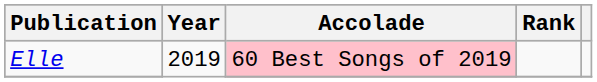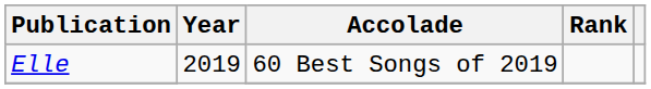 <table class="sortable wikitable">
 <tr>
 <th>Publication</th>
 <th>Year</th>
 <th>Accolade</th>
 <th>Rank</th>
 <th class="unsortable"></th>
 </tr>
 <tr>
 <td><em><a href='#'>Elle</a></em></td>
 <td rowspan="2">2019</td>
-<td style="background: pink;">60 Best Songs of 2019</td>
+<td>60 Best Songs of 2019</td>
 <td></td>
 <td></td>
 </tr>
 <tr>
 </tr>
 </table>
